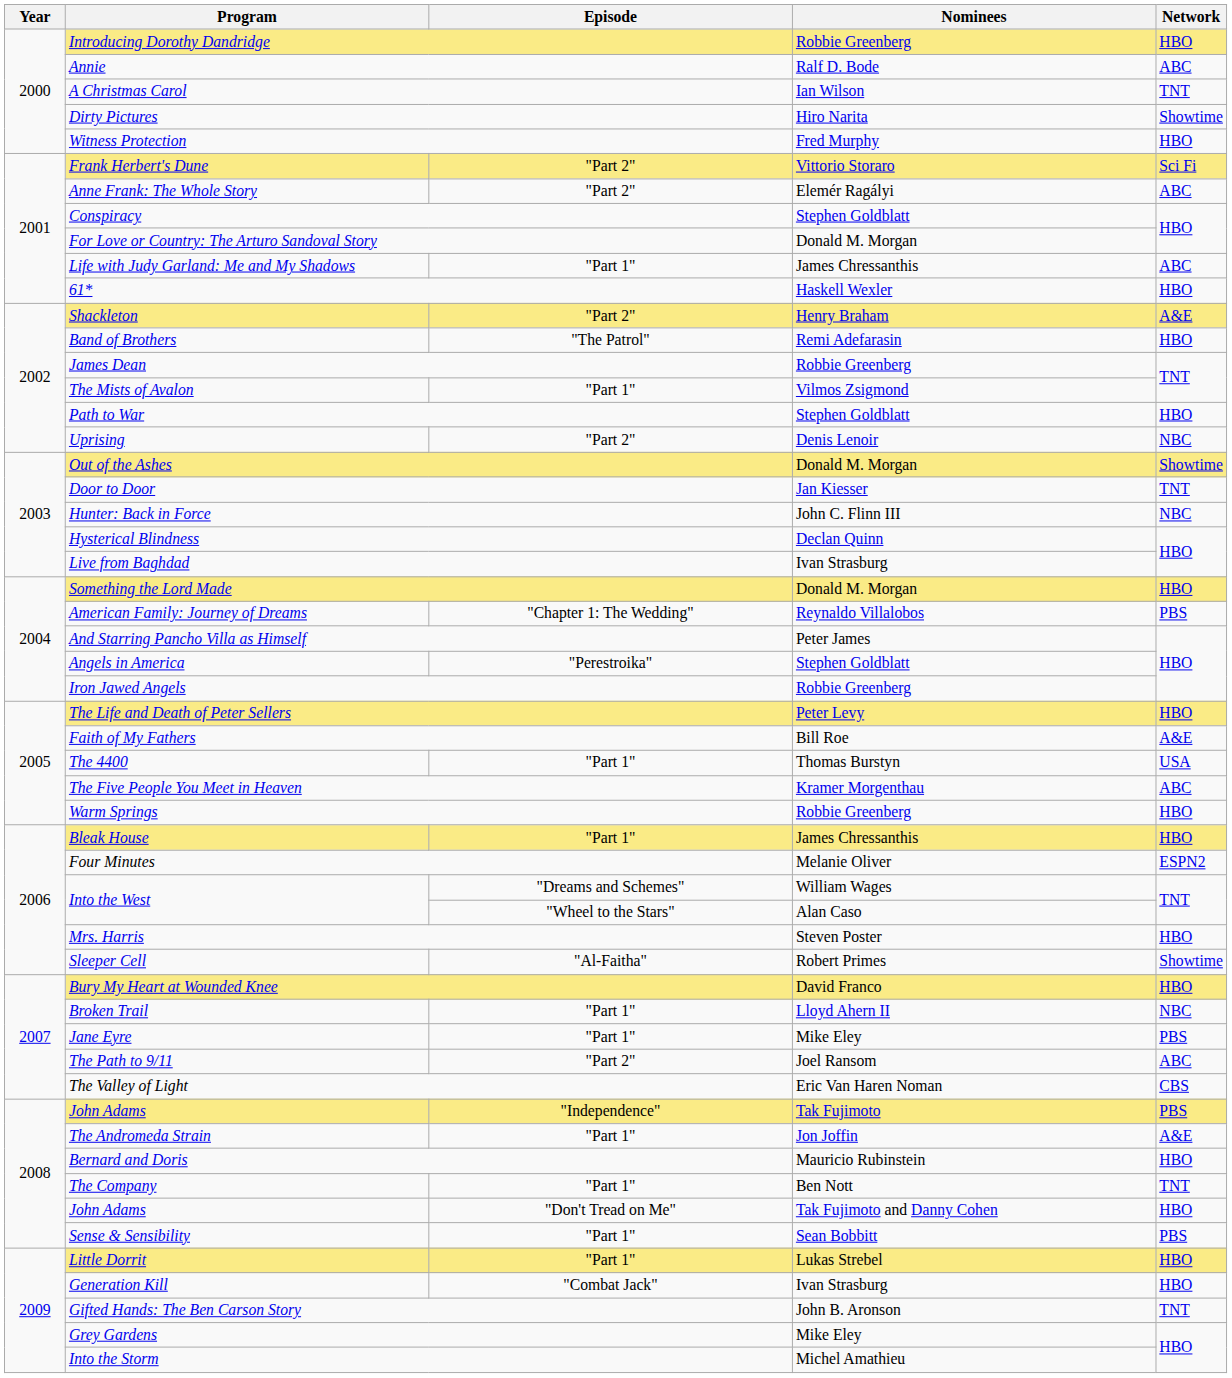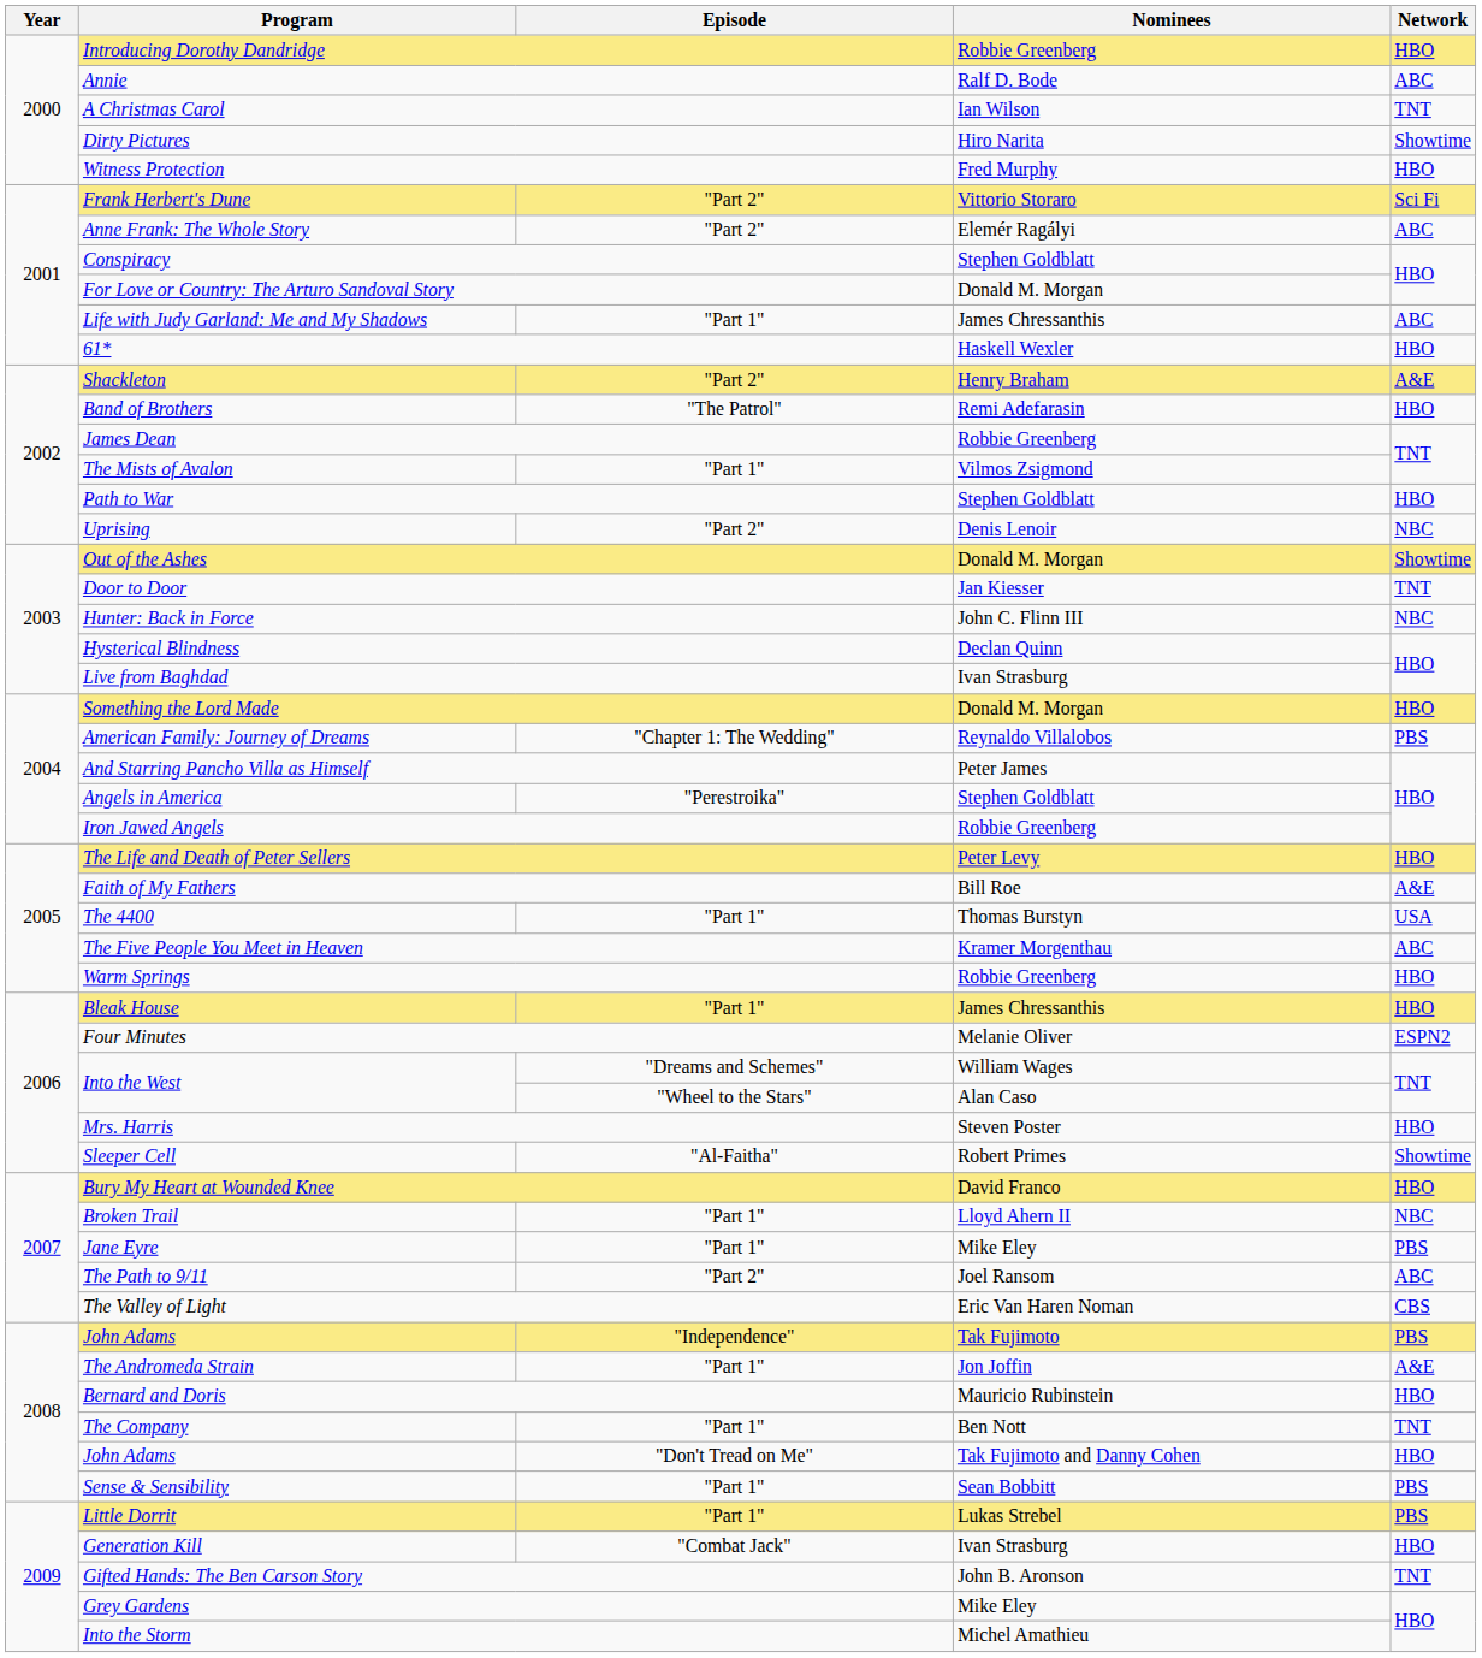 <table class="wikitable">
 <tr>
 <th width="5%">Year</th>
 <th width="30%">Program</th>
 <th width="30%">Episode</th>
 <th width="30%">Nominees</th>
 <th width="5%">Network</th>
 </tr>
 <tr>
 <td rowspan="5" style="text-align:center;">2000<br></td>
 <td style="background:#FAEB86;" colspan=2><em><a href='#'>Introducing Dorothy Dandridge</a></em></td>
 <td style="background:#FAEB86;"><a href='#'>Robbie Greenberg</a></td>
 <td style="background:#FAEB86;"><a href='#'>HBO</a></td>
 </tr>
 <tr>
 <td colspan=2><em><a href='#'>Annie</a></em></td>
 <td><a href='#'>Ralf D. Bode</a></td>
 <td><a href='#'>ABC</a></td>
 </tr>
 <tr>
 <td colspan=2><em><a href='#'>A Christmas Carol</a></em></td>
 <td><a href='#'>Ian Wilson</a></td>
 <td><a href='#'>TNT</a></td>
 </tr>
 <tr>
 <td colspan=2><em><a href='#'>Dirty Pictures</a></em></td>
 <td><a href='#'>Hiro Narita</a></td>
 <td><a href='#'>Showtime</a></td>
 </tr>
 <tr>
 <td colspan=2><em><a href='#'>Witness Protection</a></em></td>
 <td><a href='#'>Fred Murphy</a></td>
 <td><a href='#'>HBO</a></td>
 </tr>
 <tr>
 <td rowspan="6" style="text-align:center;">2001<br></td>
 <td style="background:#FAEB86;"><em><a href='#'>Frank Herbert's Dune</a></em></td>
 <td style="background:#FAEB86;" align=center>"Part 2"</td>
 <td style="background:#FAEB86;"><a href='#'>Vittorio Storaro</a></td>
 <td style="background:#FAEB86;"><a href='#'>Sci Fi</a></td>
 </tr>
 <tr>
 <td><em><a href='#'>Anne Frank: The Whole Story</a></em></td>
 <td align=center>"Part 2"</td>
 <td>Elemér Ragályi</td>
 <td><a href='#'>ABC</a></td>
 </tr>
 <tr>
 <td colspan=2><em><a href='#'>Conspiracy</a></em></td>
 <td><a href='#'>Stephen Goldblatt</a></td>
 <td rowspan=2><a href='#'>HBO</a></td>
 </tr>
 <tr>
 <td colspan=2><em><a href='#'>For Love or Country: The Arturo Sandoval Story</a></em></td>
 <td>Donald M. Morgan</td>
 </tr>
 <tr>
 <td><em><a href='#'>Life with Judy Garland: Me and My Shadows</a></em></td>
 <td align=center>"Part 1"</td>
 <td>James Chressanthis</td>
 <td><a href='#'>ABC</a></td>
 </tr>
 <tr>
 <td colspan=2><em><a href='#'>61*</a></em></td>
 <td><a href='#'>Haskell Wexler</a></td>
 <td><a href='#'>HBO</a></td>
 </tr>
 <tr>
 <td rowspan="6" style="text-align:center;">2002<br></td>
 <td style="background:#FAEB86;"><em><a href='#'>Shackleton</a></em></td>
 <td style="background:#FAEB86;" align=center>"Part 2"</td>
 <td style="background:#FAEB86;"><a href='#'>Henry Braham</a></td>
 <td style="background:#FAEB86;"><a href='#'>A&E</a></td>
 </tr>
 <tr>
 <td><em><a href='#'>Band of Brothers</a></em></td>
 <td align=center>"The Patrol"</td>
 <td><a href='#'>Remi Adefarasin</a></td>
 <td><a href='#'>HBO</a></td>
 </tr>
 <tr>
 <td colspan=2><em><a href='#'>James Dean</a></em></td>
 <td><a href='#'>Robbie Greenberg</a></td>
 <td rowspan=2><a href='#'>TNT</a></td>
 </tr>
 <tr>
 <td><em><a href='#'>The Mists of Avalon</a></em></td>
 <td align=center>"Part 1"</td>
 <td><a href='#'>Vilmos Zsigmond</a></td>
 </tr>
 <tr>
 <td colspan=2><em><a href='#'>Path to War</a></em></td>
 <td><a href='#'>Stephen Goldblatt</a></td>
 <td><a href='#'>HBO</a></td>
 </tr>
 <tr>
 <td><em><a href='#'>Uprising</a></em></td>
 <td align=center>"Part 2"</td>
 <td><a href='#'>Denis Lenoir</a></td>
 <td><a href='#'>NBC</a></td>
 </tr>
 <tr>
 <td rowspan="5" style="text-align:center;">2003<br></td>
 <td style="background:#FAEB86;" colspan=2><em><a href='#'>Out of the Ashes</a></em></td>
 <td style="background:#FAEB86;">Donald M. Morgan</td>
 <td style="background:#FAEB86;"><a href='#'>Showtime</a></td>
 </tr>
 <tr>
 <td colspan=2><em><a href='#'>Door to Door</a></em></td>
 <td><a href='#'>Jan Kiesser</a></td>
 <td><a href='#'>TNT</a></td>
 </tr>
 <tr>
 <td colspan=2><em><a href='#'>Hunter: Back in Force</a></em></td>
 <td>John C. Flinn III</td>
 <td><a href='#'>NBC</a></td>
 </tr>
 <tr>
 <td colspan=2><em><a href='#'>Hysterical Blindness</a></em></td>
 <td><a href='#'>Declan Quinn</a></td>
 <td rowspan=2><a href='#'>HBO</a></td>
 </tr>
 <tr>
 <td colspan=2><em><a href='#'>Live from Baghdad</a></em></td>
 <td>Ivan Strasburg</td>
 </tr>
 <tr>
 <td rowspan="5" style="text-align:center;">2004<br></td>
 <td style="background:#FAEB86;" colspan=2><em><a href='#'>Something the Lord Made</a></em></td>
 <td style="background:#FAEB86;">Donald M. Morgan</td>
 <td style="background:#FAEB86;"><a href='#'>HBO</a></td>
 </tr>
 <tr>
 <td><em><a href='#'>American Family: Journey of Dreams</a></em></td>
 <td align=center>"Chapter 1: The Wedding"</td>
 <td><a href='#'>Reynaldo Villalobos</a></td>
 <td><a href='#'>PBS</a></td>
 </tr>
 <tr>
 <td colspan=2><em><a href='#'>And Starring Pancho Villa as Himself</a></em></td>
 <td>Peter James</td>
 <td rowspan=3><a href='#'>HBO</a></td>
 </tr>
 <tr>
 <td><em><a href='#'>Angels in America</a></em></td>
 <td align=center>"Perestroika"</td>
 <td><a href='#'>Stephen Goldblatt</a></td>
 </tr>
 <tr>
 <td colspan=2><em><a href='#'>Iron Jawed Angels</a></em></td>
 <td><a href='#'>Robbie Greenberg</a></td>
 </tr>
 <tr>
 <td rowspan="5" style="text-align:center;">2005<br></td>
 <td style="background:#FAEB86;" colspan=2><em><a href='#'>The Life and Death of Peter Sellers</a></em></td>
 <td style="background:#FAEB86;"><a href='#'>Peter Levy</a></td>
 <td style="background:#FAEB86;"><a href='#'>HBO</a></td>
 </tr>
 <tr>
 <td colspan=2><em><a href='#'>Faith of My Fathers</a></em></td>
 <td>Bill Roe</td>
 <td><a href='#'>A&E</a></td>
 </tr>
 <tr>
 <td><em><a href='#'>The 4400</a></em></td>
 <td align=center>"Part 1"</td>
 <td>Thomas Burstyn</td>
 <td><a href='#'>USA</a></td>
 </tr>
 <tr>
 <td colspan=2><em><a href='#'>The Five People You Meet in Heaven</a></em></td>
 <td><a href='#'>Kramer Morgenthau</a></td>
 <td><a href='#'>ABC</a></td>
 </tr>
 <tr>
 <td colspan=2><em><a href='#'>Warm Springs</a></em></td>
 <td><a href='#'>Robbie Greenberg</a></td>
 <td><a href='#'>HBO</a></td>
 </tr>
 <tr>
 <td rowspan="6" style="text-align:center;">2006<br></td>
 <td style="background:#FAEB86;"><em><a href='#'>Bleak House</a></em></td>
 <td style="background:#FAEB86;" align=center>"Part 1"</td>
 <td style="background:#FAEB86;">James Chressanthis</td>
 <td style="background:#FAEB86;"><a href='#'>HBO</a></td>
 </tr>
 <tr>
 <td colspan=2><em>Four Minutes</em></td>
 <td>Melanie Oliver</td>
 <td><a href='#'>ESPN2</a></td>
 </tr>
 <tr>
 <td rowspan=2><em><a href='#'>Into the West</a></em></td>
 <td align=center>"Dreams and Schemes"</td>
 <td>William Wages</td>
 <td rowspan=2><a href='#'>TNT</a></td>
 </tr>
 <tr>
 <td align=center>"Wheel to the Stars"</td>
 <td>Alan Caso</td>
 </tr>
 <tr>
 <td colspan=2><em><a href='#'>Mrs. Harris</a></em></td>
 <td>Steven Poster</td>
 <td><a href='#'>HBO</a></td>
 </tr>
 <tr>
 <td><em><a href='#'>Sleeper Cell</a></em></td>
 <td align=center>"Al-Faitha"</td>
 <td>Robert Primes</td>
 <td><a href='#'>Showtime</a></td>
 </tr>
 <tr>
 <td rowspan="5" style="text-align:center;"><a href='#'>2007</a><br></td>
 <td style="background:#FAEB86;" colspan=2><em><a href='#'>Bury My Heart at Wounded Knee</a></em></td>
 <td style="background:#FAEB86;">David Franco</td>
 <td style="background:#FAEB86;"><a href='#'>HBO</a></td>
 </tr>
 <tr>
 <td><em><a href='#'>Broken Trail</a></em></td>
 <td align=center>"Part 1"</td>
 <td><a href='#'>Lloyd Ahern II</a></td>
 <td><a href='#'>NBC</a></td>
 </tr>
 <tr>
 <td><em><a href='#'>Jane Eyre</a></em></td>
 <td align=center>"Part 1"</td>
 <td>Mike Eley</td>
 <td><a href='#'>PBS</a></td>
 </tr>
 <tr>
 <td><em><a href='#'>The Path to 9/11</a></em></td>
 <td align=center>"Part 2"</td>
 <td>Joel Ransom</td>
 <td><a href='#'>ABC</a></td>
 </tr>
 <tr>
 <td colspan=2><em>The Valley of Light</em></td>
 <td>Eric Van Haren Noman</td>
 <td><a href='#'>CBS</a></td>
 </tr>
 <tr>
 <td rowspan="6" style="text-align:center;">2008<br></td>
 <td style="background:#FAEB86;"><em><a href='#'>John Adams</a></em></td>
 <td style="background:#FAEB86;" align=center>"Independence"</td>
 <td style="background:#FAEB86;"><a href='#'>Tak Fujimoto</a></td>
 <td style="background:#FAEB86;"><a href='#'>PBS</a></td>
 </tr>
 <tr>
 <td><em><a href='#'>The Andromeda Strain</a></em></td>
 <td align=center>"Part 1"</td>
 <td><a href='#'>Jon Joffin</a></td>
 <td><a href='#'>A&E</a></td>
 </tr>
 <tr>
 <td colspan=2><em><a href='#'>Bernard and Doris</a></em></td>
 <td>Mauricio Rubinstein</td>
 <td><a href='#'>HBO</a></td>
 </tr>
 <tr>
 <td><em><a href='#'>The Company</a></em></td>
 <td align=center>"Part 1"</td>
 <td>Ben Nott</td>
 <td><a href='#'>TNT</a></td>
 </tr>
 <tr>
 <td><em><a href='#'>John Adams</a></em></td>
 <td align=center>"Don't Tread on Me"</td>
 <td><a href='#'>Tak Fujimoto</a> and <a href='#'>Danny Cohen</a></td>
 <td><a href='#'>HBO</a></td>
 </tr>
 <tr>
 <td><em><a href='#'>Sense & Sensibility</a></em></td>
 <td align=center>"Part 1"</td>
 <td><a href='#'>Sean Bobbitt</a></td>
 <td><a href='#'>PBS</a></td>
 </tr>
 <tr>
 <td rowspan="5" style="text-align:center;"><a href='#'>2009</a><br></td>
 <td style="background:#FAEB86;"><em><a href='#'>Little Dorrit</a></em></td>
 <td style="background:#FAEB86;" align=center>"Part 1"</td>
 <td style="background:#FAEB86;">Lukas Strebel</td>
-<td style="background:#FAEB86;"><a href='#'>HBO</a></td>
+<td style="background:#FAEB86;"><a href='#'>PBS</a></td>
 </tr>
 <tr>
 <td><em><a href='#'>Generation Kill</a></em></td>
 <td align=center>"Combat Jack"</td>
 <td>Ivan Strasburg</td>
 <td><a href='#'>HBO</a></td>
 </tr>
 <tr>
 <td colspan=2><em><a href='#'>Gifted Hands: The Ben Carson Story</a></em></td>
 <td>John B. Aronson</td>
 <td><a href='#'>TNT</a></td>
 </tr>
 <tr>
 <td colspan=2><em><a href='#'>Grey Gardens</a></em></td>
 <td>Mike Eley</td>
 <td rowspan=2><a href='#'>HBO</a></td>
 </tr>
 <tr>
 <td colspan=2><em><a href='#'>Into the Storm</a></em></td>
 <td>Michel Amathieu</td>
 </tr>
 </table>
